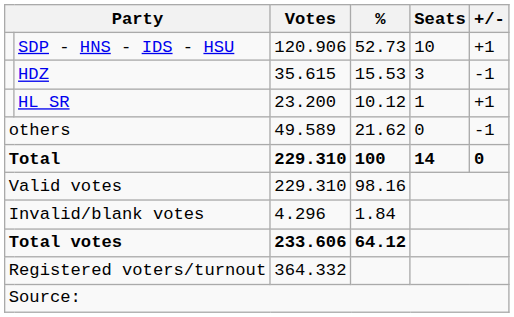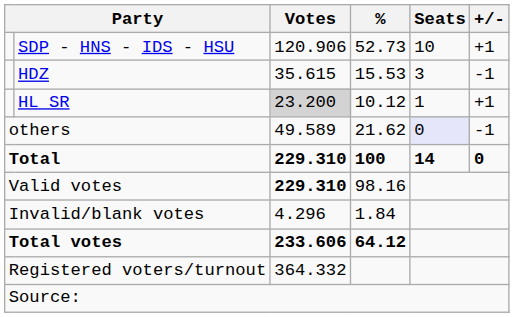 <table class="wikitable" style="text-align: left;">
 <tr>
 <th colspan="2">Party</th>
 <th>Votes</th>
 <th>%</th>
 <th>Seats</th>
 <th>+/-</th>
 </tr>
 <tr>
 <td style="background-color: "></td>
 <td><a href='#'>SDP</a> - <a href='#'>HNS</a> - <a href='#'>IDS</a> - <a href='#'>HSU</a></td>
 <td>120.906</td>
 <td>52.73</td>
 <td>10</td>
 <td>+1</td>
 </tr>
 <tr>
 <td style="background-color: "></td>
 <td><a href='#'>HDZ</a></td>
 <td>35.615</td>
 <td>15.53</td>
 <td>3</td>
 <td>-1</td>
 </tr>
 <tr>
 <td style="background-color: "></td>
 <td><a href='#'>HL SR</a></td>
-<td>23.200</td>
+<td style="background: lightgrey;">23.200</td>
 <td>10.12</td>
 <td>1</td>
 <td>+1</td>
 </tr>
 <tr>
 <td colspan="2">others</td>
 <td>49.589</td>
 <td>21.62</td>
-<td>0</td>
+<td style="background: lavender;">0</td>
 <td>-1</td>
 </tr>
 <tr>
 <td colspan="2"><strong>Total</strong></td>
 <td><strong>229.310</strong></td>
 <td><strong>100</strong></td>
 <td><strong>14</strong></td>
 <td><strong>0</strong></td>
 </tr>
 <tr>
 <td colspan="2">Valid votes</td>
-<td>229.310</td>
+<td><strong>229.310</strong></td>
 <td>98.16</td>
 <td colspan="2"></td>
 </tr>
 <tr>
 <td colspan="2">Invalid/blank votes</td>
 <td>4.296</td>
 <td>1.84</td>
 <td colspan="2"></td>
 </tr>
 <tr>
 <td colspan="2"><strong>Total votes</strong></td>
 <td><strong>233.606</strong></td>
 <td><strong>64.12</strong></td>
 <td colspan="2"></td>
 </tr>
 <tr>
 <td colspan="2">Registered voters/turnout</td>
 <td votes14="5343">364.332</td>
 <td></td>
 <td colspan="2"></td>
 </tr>
 <tr>
 <td colspan="6">Source: </td>
 </tr>
 </table>
